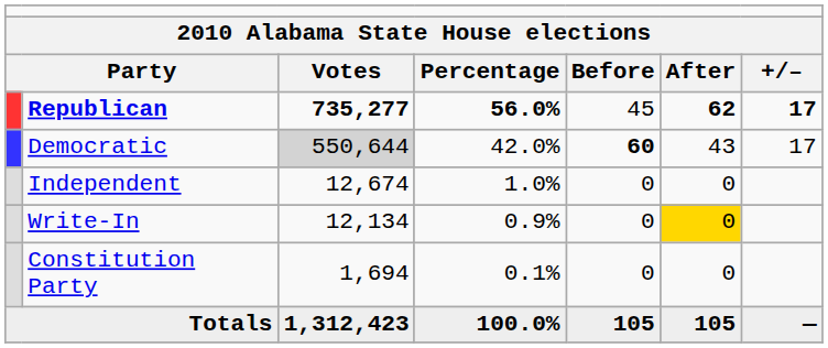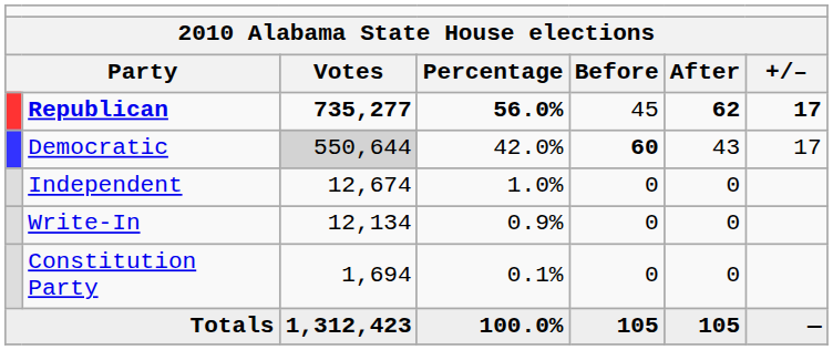 <table class="wikitable" style="font-size:95%;">
 <tr>
 <td colspan=15 align=center></td>
 </tr>
 <tr>
 <th colspan="9">2010 Alabama State House elections</th>
 </tr>
 <tr>
 <th colspan=2 style="width: 10em">Party</th>
 <th style="width: 4em">Votes</th>
 <th style="width: 5em">Percentage</th>
 <th style="width: 3em">Before</th>
 <th style="width: 1em">After</th>
 <th style="width: 3em">+/–</th>
 </tr>
 <tr>
 <th style="background:#f33; width:3px;"></th>
 <td style="width: 130px"><strong><a href='#'>Republican</a></strong></td>
 <td style="text-align:right;"><strong>735,277</strong></td>
 <td style="text-align:right;"><strong>56.0%</strong></td>
 <td style="text-align:right;">45</td>
 <td style="text-align:right;"><strong>62</strong></td>
 <td style="text-align:right;"><strong> 17</strong></td>
 </tr>
 <tr>
 <th style="background:#33f; width:3px;"></th>
 <td style="width: 130px"><a href='#'>Democratic</a></td>
 <td style="background: lightgrey; text-align:right;">550,644</td>
 <td style="text-align:right;">42.0%</td>
 <td style="text-align:right;"><strong>60</strong></td>
 <td style="text-align:right;">43</td>
 <td style="text-align:right;"> 17</td>
 </tr>
 <tr>
 <th style="background:#ddd; width:3px;"></th>
 <td style="width: 130px"><a href='#'>Independent</a></td>
 <td style="text-align:right;">12,674</td>
 <td style="text-align:right;">1.0%</td>
 <td style="text-align:right;">0</td>
 <td style="text-align:right;">0</td>
 <td style="text-align:right;"></td>
 </tr>
 <tr>
 <th style="background:#ddd; width:3px;"></th>
 <td style="width: 130px"><a href='#'>Write-In</a></td>
 <td style="text-align:right;">12,134</td>
 <td style="text-align:right;">0.9%</td>
 <td style="text-align:right;">0</td>
-<td style="background: gold; text-align:right;">0</td>
+<td style="text-align:right;">0</td>
 <td style="text-align:right;"></td>
 </tr>
 <tr>
 <th style="background:#ddd; width:3px;"></th>
 <td style="width: 130px"><a href='#'>Constitution Party</a></td>
 <td style="text-align:right;">1,694</td>
 <td style="text-align:right;">0.1%</td>
 <td style="text-align:right;">0</td>
 <td style="text-align:right;">0</td>
 <td style="text-align:right;"></td>
 </tr>
 <tr style="background:#eee; text-align:right;">
 <td colspan="2"><strong>Totals</strong></td>
 <td><strong>1,312,423</strong></td>
 <td><strong>100.0%</strong></td>
 <td><strong>105</strong></td>
 <td><strong>105</strong></td>
 <td><strong>—</strong></td>
 </tr>
 </table>
